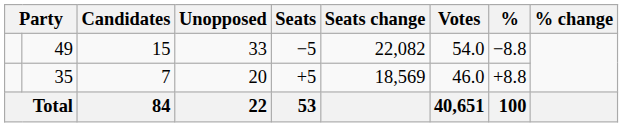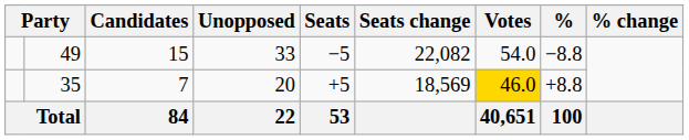 <table class="wikitable sortable">
 <tr>
 <th colspan=2>Party</th>
 <th>Candidates</th>
 <th>Unopposed</th>
 <th>Seats</th>
 <th>Seats change</th>
 <th>Votes</th>
 <th>%</th>
 <th>% change</th>
 </tr>
 <tr>
 <td></td>
 <td align=right>49</td>
 <td align=right>15</td>
 <td align=right>33</td>
 <td align=right>−5</td>
 <td align=right>22,082</td>
 <td align=right>54.0</td>
 <td align=right>−8.8</td>
 </tr>
 <tr>
 <td></td>
 <td align=right>35</td>
 <td align=right>7</td>
 <td align=right>20</td>
 <td align=right>+5</td>
 <td align=right>18,569</td>
-<td align=right>46.0</td>
+<td align=right style="background: gold;">46.0</td>
 <td align=right>+8.8</td>
 </tr>
 <tr class="sortbottom" style="font-weight: bold; text-align: right; background: #f2f2f2;">
 <th colspan="2" style="padding-left: 1.5em; text-align: left;">Total</th>
 <td align=right>84</td>
 <td align=right>22</td>
 <td align=right>53</td>
 <td align=right></td>
 <td align=right>40,651</td>
 <td align=right>100</td>
 <td align=right></td>
 </tr>
 </table>
